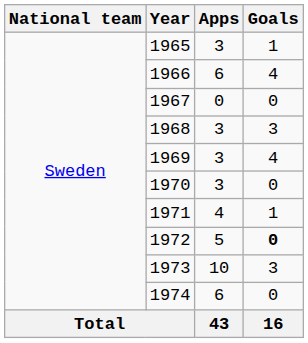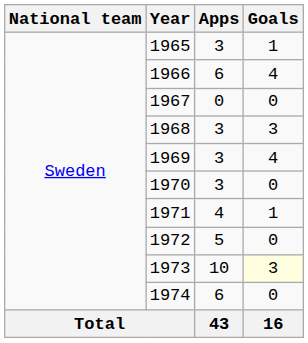 <table class="wikitable" style="text-align:center">
 <tr>
 <th>National team</th>
 <th>Year</th>
 <th>Apps</th>
 <th>Goals</th>
 </tr>
 <tr>
 <td rowspan="10"><a href='#'>Sweden</a></td>
 <td>1965</td>
 <td>3</td>
 <td>1</td>
 </tr>
 <tr>
 <td>1966</td>
 <td>6</td>
 <td>4</td>
 </tr>
 <tr>
 <td>1967</td>
 <td>0</td>
 <td>0</td>
 </tr>
 <tr>
 <td>1968</td>
 <td>3</td>
 <td>3</td>
 </tr>
 <tr>
 <td>1969</td>
 <td>3</td>
 <td>4</td>
 </tr>
 <tr>
 <td>1970</td>
 <td>3</td>
 <td>0</td>
 </tr>
 <tr>
 <td>1971</td>
 <td>4</td>
 <td>1</td>
 </tr>
 <tr>
 <td>1972</td>
 <td>5</td>
-<td><strong>0</strong></td>
+<td>0</td>
 </tr>
 <tr>
 <td>1973</td>
 <td>10</td>
-<td>3</td>
+<td style="background: lightyellow;">3</td>
 </tr>
 <tr>
 <td>1974</td>
 <td>6</td>
 <td>0</td>
 </tr>
 <tr>
 <th colspan="2">Total</th>
 <th>43</th>
 <th>16</th>
 </tr>
 </table>
